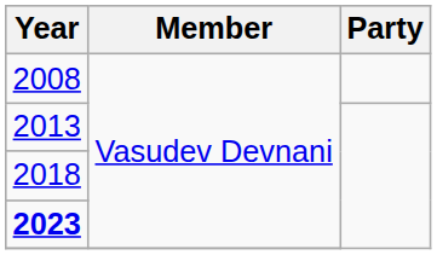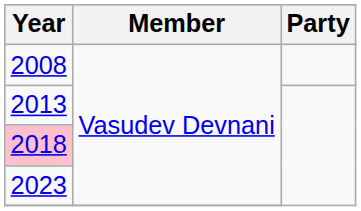 <table class="wikitable sortable">
 <tr>
 <th>Year</th>
 <th>Member</th>
 <th colspan="3">Party</th>
 </tr>
 <tr>
 <td><a href='#'>2008</a></td>
 <td rowspan=4><a href='#'>Vasudev Devnani</a></td>
 <td></td>
 </tr>
 <tr>
 <td><a href='#'>2013</a></td>
 </tr>
 <tr>
-<td><a href='#'>2018</a></td>
+<td style="background: pink;"><a href='#'>2018</a></td>
 </tr>
 <tr>
-<td><strong><a href='#'>2023</a></strong></td>
+<td><a href='#'>2023</a></td>
 </tr>
 <tr>
 </tr>
 </table>
